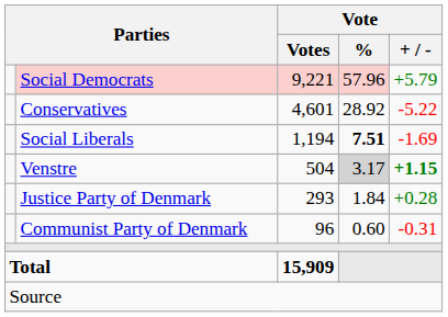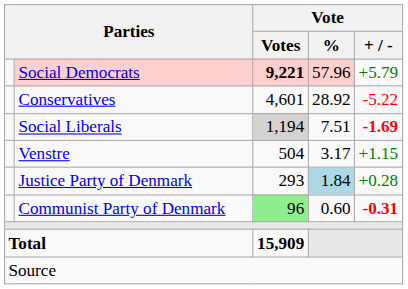 <table class="wikitable" style="text-align:right;">
 <tr>
 <th style="text-align:centre;" rowspan="2" colspan="2" width="225">Parties</th>
 <th colspan="3">Vote</th>
 </tr>
 <tr>
 <th width="15">Votes</th>
 <th width="15">%</th>
 <th width="15">+ / -</th>
 </tr>
 <tr>
 <td width="2" style="color:inherit;background:"></td>
 <td bgcolor=#fbd0ce  align="left"><a href='#'>Social Democrats</a></td>
-<td bgcolor=#fbd0ce>9,221</td>
+<td bgcolor=#fbd0ce><strong>9,221</strong></td>
 <td bgcolor=#fbd0ce>57.96</td>
 <td style=color:green;>+5.79</td>
 </tr>
 <tr>
 <td width="2" style="color:inherit;background:"></td>
 <td align="left"><a href='#'>Conservatives</a></td>
 <td>4,601</td>
 <td>28.92</td>
 <td style=color:red;>-5.22</td>
 </tr>
 <tr>
 <td width="2" style="color:inherit;background:"></td>
 <td align="left"><a href='#'>Social Liberals</a></td>
-<td>1,194</td>
-<td><strong>7.51</strong></td>
-<td style=color:red;>-1.69</td>
+<td style="background: lightgrey;">1,194</td>
+<td>7.51</td>
+<td style=color:red;><strong>-1.69</strong></td>
 </tr>
 <tr>
 <td width="2" style="color:inherit;background:"></td>
 <td align="left"><a href='#'>Venstre</a></td>
 <td>504</td>
-<td style="background: lightgrey;">3.17</td>
-<td style=color:green;><strong>+1.15</strong></td>
+<td>3.17</td>
+<td style=color:green;>+1.15</td>
 </tr>
 <tr>
 <td width="2" style="color:inherit;background:"></td>
 <td align="left"><a href='#'>Justice Party of Denmark</a></td>
 <td>293</td>
-<td>1.84</td>
+<td style="background: lightblue;">1.84</td>
 <td style=color:green;>+0.28</td>
 </tr>
 <tr>
 <td width="2" style="color:inherit;background:"></td>
 <td align="left"><a href='#'>Communist Party of Denmark</a></td>
-<td>96</td>
+<td style="background: lightgreen;">96</td>
 <td>0.60</td>
-<td style=color:red;>-0.31</td>
+<td style=color:red;><strong>-0.31</strong></td>
 </tr>
 <tr>
 <td colspan="7" bgcolor="#E9E9E9"></td>
 </tr>
 <tr>
 <td align="left" colspan="2"><strong>Total</strong></td>
 <td><strong>15,909</strong></td>
 <td bgcolor="#E9E9E9" colspan="2"></td>
 </tr>
 <tr>
 <td align="left" colspan="6">Source</td>
 </tr>
 </table>
